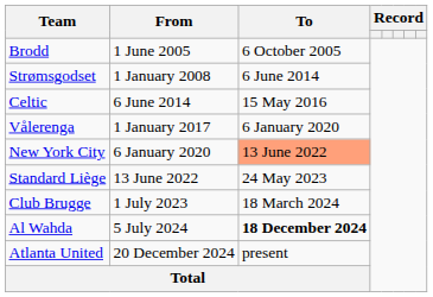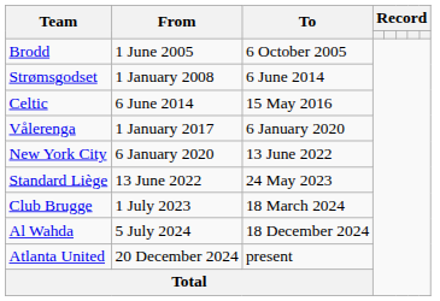 <table class="wikitable" style="text-align: center;">
 <tr>
 <th rowspan="2">Team</th>
 <th rowspan="2">From</th>
 <th rowspan="2">To</th>
 <th colspan="6">Record</th>
 </tr>
 <tr>
 <th></th>
 <th></th>
 <th></th>
 <th></th>
 <th></th>
 </tr>
 <tr>
 <td align=left><a href='#'>Brodd</a></td>
 <td align=left>1 June 2005</td>
 <td align=left>6 October 2005<br></td>
 </tr>
 <tr>
 <td align=left><a href='#'>Strømsgodset</a></td>
 <td align=left>1 January 2008</td>
 <td align=left>6 June 2014<br></td>
 </tr>
 <tr>
 <td align=left><a href='#'>Celtic</a></td>
 <td align=left>6 June 2014</td>
 <td align=left>15 May 2016<br></td>
 </tr>
 <tr>
 <td align=left><a href='#'>Vålerenga</a></td>
 <td align=left>1 January 2017</td>
 <td align=left>6 January 2020<br></td>
 </tr>
 <tr>
 <td align=left><a href='#'>New York City</a></td>
 <td align=left>6 January 2020</td>
-<td align=left style="background: lightsalmon;">13 June 2022<br></td>
+<td align=left>13 June 2022<br></td>
 </tr>
 <tr>
 <td align=left><a href='#'>Standard Liège</a></td>
 <td align=left>13 June 2022</td>
 <td align=left>24 May 2023<br></td>
 </tr>
 <tr>
 <td align=left><a href='#'>Club Brugge</a></td>
 <td align=left>1 July 2023</td>
 <td align=left>18 March 2024<br></td>
 </tr>
 <tr>
 <td align=left><a href='#'>Al Wahda</a></td>
 <td align=left>5 July 2024</td>
-<td align=left><strong>18 December 2024<br></strong></td>
+<td align=left>18 December 2024<br></td>
 </tr>
 <tr>
 <td align=left><a href='#'>Atlanta United</a></td>
 <td align=left>20 December 2024</td>
 <td align=left>present<br></td>
 </tr>
 <tr>
 <th colspan="3">Total<br></th>
 </tr>
 </table>
